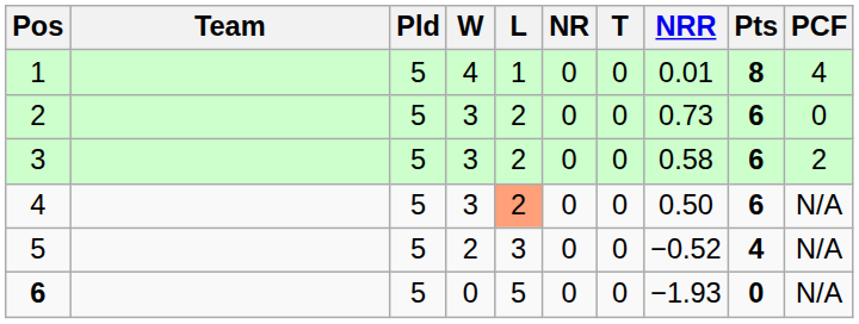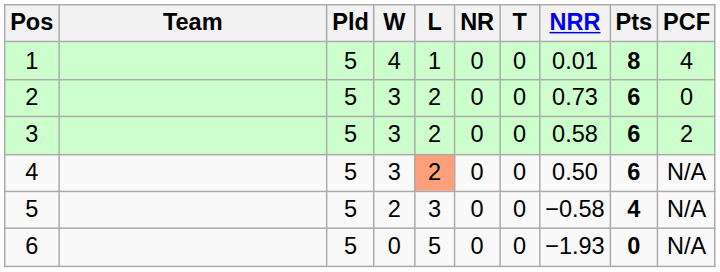 <table class="wikitable" style="text-align:center">
 <tr>
 <th>Pos</th>
 <th width="175">Team</th>
 <th width=20 abbr="Played">Pld</th>
 <th width=20 abbr="Won">W</th>
 <th width=20 abbr="Lost">L</th>
 <th width=20 abbr="No result">NR</th>
 <th width=20 abbr="Tied">T</th>
 <th width=20 abbr="Net run rate"><a href='#'>NRR</a></th>
 <th width=20 abbr="Points">Pts</th>
 <th width=20 abbr="Points carried forward">PCF</th>
 </tr>
 <tr style="background:#ccffcc">
 <td>1</td>
 <td style="text-align:left"></td>
 <td>5</td>
 <td>4</td>
 <td>1</td>
 <td>0</td>
 <td>0</td>
 <td>0.01</td>
 <td><strong>8</strong></td>
 <td>4</td>
 </tr>
 <tr style="background:#ccffcc">
 <td>2</td>
 <td style="text-align:left"></td>
 <td>5</td>
 <td>3</td>
 <td>2</td>
 <td>0</td>
 <td>0</td>
 <td>0.73</td>
 <td><strong>6</strong></td>
 <td>0</td>
 </tr>
 <tr style="background:#ccffcc">
 <td>3</td>
 <td style="text-align:left"></td>
 <td>5</td>
 <td>3</td>
 <td>2</td>
 <td>0</td>
 <td>0</td>
 <td>0.58</td>
 <td><strong>6</strong></td>
 <td>2</td>
 </tr>
 <tr>
 <td>4</td>
 <td style="text-align:left"></td>
 <td>5</td>
 <td>3</td>
 <td style="background: lightsalmon;">2</td>
 <td>0</td>
 <td>0</td>
 <td>0.50</td>
 <td><strong>6</strong></td>
 <td>N/A</td>
 </tr>
 <tr>
 <td>5</td>
 <td style="text-align:left"></td>
 <td>5</td>
 <td>2</td>
 <td>3</td>
 <td>0</td>
 <td>0</td>
-<td>−0.52</td>
+<td>−0.58</td>
 <td><strong>4</strong></td>
 <td>N/A</td>
 </tr>
 <tr>
-<td><strong>6</strong></td>
+<td>6</td>
 <td style="text-align:left"></td>
 <td>5</td>
 <td>0</td>
 <td>5</td>
 <td>0</td>
 <td>0</td>
 <td>−1.93</td>
 <td><strong>0</strong></td>
 <td>N/A</td>
 </tr>
 </table>
